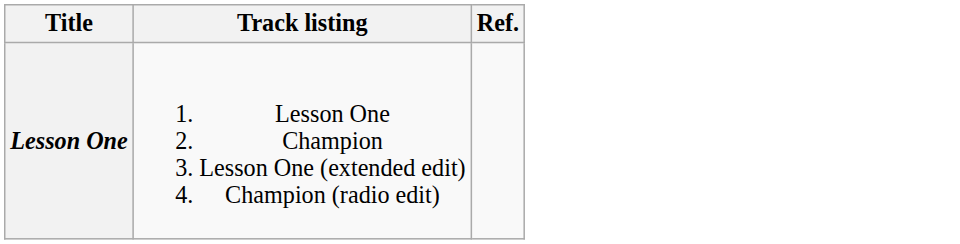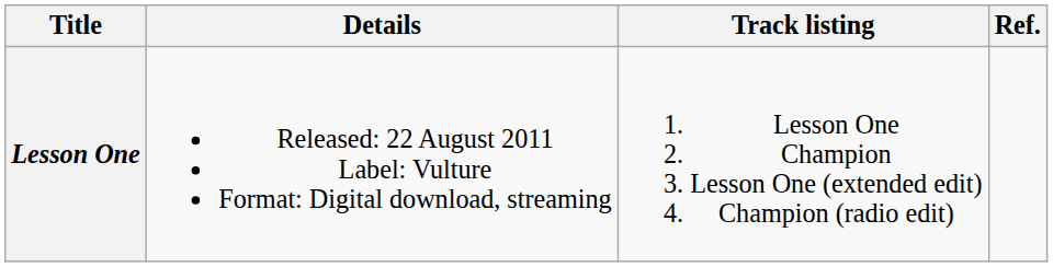 <table class="wikitable plainrowheaders" style="text-align:center;">
 <tr>
 <th>Title</th>
+<th>Details</th>
 <th>Track listing</th>
 <th>Ref.</th>
 </tr>
 <tr>
 <th scope="row"><em>Lesson One</em></th>
+<td><br><ul><li>Released: 22 August 2011</li><li>Label: Vulture</li><li>Format: Digital download, streaming</li></ul></td>
 <td scope="row"><br><ol><li>Lesson One</li><li>Champion</li><li>Lesson One (extended edit)</li><li>Champion (radio edit)</li></ol></td>
 <td></td>
 </tr>
 </table>
